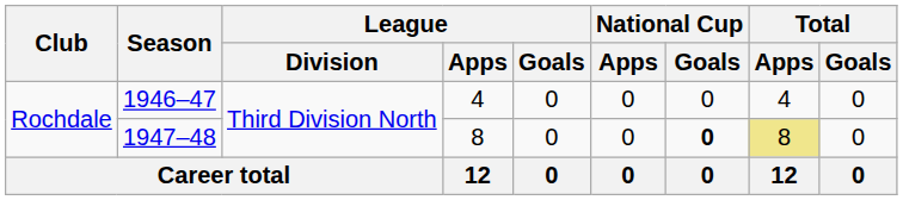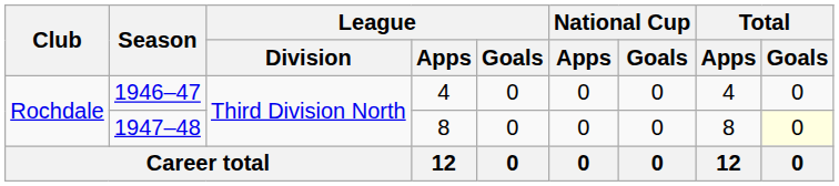 <table class="wikitable" style="text-align:center">
 <tr>
 <th rowspan="2">Club</th>
 <th rowspan="2">Season</th>
 <th colspan="3">League</th>
 <th colspan="2">National Cup</th>
 <th colspan="2">Total</th>
 </tr>
 <tr>
 <th>Division</th>
 <th>Apps</th>
 <th>Goals</th>
 <th>Apps</th>
 <th>Goals</th>
 <th>Apps</th>
 <th>Goals</th>
 </tr>
 <tr>
 <td rowspan="2"><a href='#'>Rochdale</a></td>
 <td><a href='#'>1946–47</a></td>
 <td rowspan="2"><a href='#'>Third Division North</a></td>
 <td>4</td>
 <td>0</td>
 <td>0</td>
 <td>0</td>
 <td>4</td>
 <td>0</td>
 </tr>
 <tr>
 <td><a href='#'>1947–48</a></td>
 <td>8</td>
 <td>0</td>
 <td>0</td>
-<td><strong>0</strong></td>
-<td style="background: khaki;">8</td>
 <td>0</td>
+<td>8</td>
+<td style="background: lightyellow;">0</td>
 </tr>
 <tr>
 <th colspan="3">Career total</th>
 <th>12</th>
 <th>0</th>
 <th>0</th>
 <th>0</th>
 <th>12</th>
 <th>0</th>
 </tr>
 </table>
